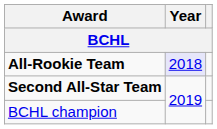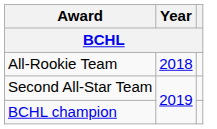 <table class="wikitable">
 <tr>
 <th>Award</th>
 <th>Year</th>
 <th></th>
 </tr>
 <tr>
 <th colspan="3"><a href='#'>BCHL</a></th>
 </tr>
 <tr>
-<td><strong>All-Rookie Team</strong></td>
-<td style="background: lavender;"><a href='#'>2018</a></td>
+<td>All-Rookie Team</td>
+<td><a href='#'>2018</a></td>
 <td></td>
 </tr>
 <tr>
-<td><strong>Second All-Star Team</strong></td>
+<td>Second All-Star Team</td>
 <td rowspan="2"><a href='#'>2019</a></td>
 <td></td>
 </tr>
 <tr>
 <td><a href='#'>BCHL champion</a></td>
 <td></td>
 </tr>
 </table>
